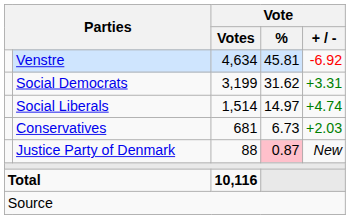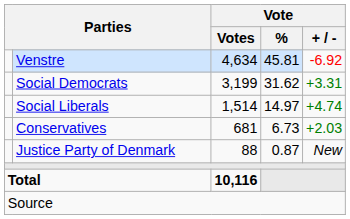 <table class="wikitable" style="text-align:right;">
 <tr>
 <th style="text-align:centre;" rowspan="2" colspan="2" width="225">Parties</th>
 <th colspan="3">Vote</th>
 </tr>
 <tr>
 <th width="15">Votes</th>
 <th width="15">%</th>
 <th width="15">+ / -</th>
 </tr>
 <tr>
 <td width="2" style="color:inherit;background:"></td>
 <td bgcolor=#cfe5fe  align="left"><a href='#'>Venstre</a></td>
 <td bgcolor=#cfe5fe>4,634</td>
 <td bgcolor=#cfe5fe>45.81</td>
 <td style=color:red;>-6.92</td>
 </tr>
 <tr>
 <td width="2" style="color:inherit;background:"></td>
 <td align="left"><a href='#'>Social Democrats</a></td>
 <td>3,199</td>
 <td>31.62</td>
 <td style=color:green;>+3.31</td>
 </tr>
 <tr>
 <td width="2" style="color:inherit;background:"></td>
 <td align="left"><a href='#'>Social Liberals</a></td>
 <td>1,514</td>
 <td>14.97</td>
 <td style=color:green;>+4.74</td>
 </tr>
 <tr>
 <td width="2" style="color:inherit;background:"></td>
 <td align="left"><a href='#'>Conservatives</a></td>
 <td>681</td>
 <td>6.73</td>
 <td style=color:green;>+2.03</td>
 </tr>
 <tr>
 <td width="2" style="color:inherit;background:"></td>
 <td align="left"><a href='#'>Justice Party of Denmark</a></td>
 <td>88</td>
-<td style="background: pink;">0.87</td>
+<td>0.87</td>
 <td><em>New</em></td>
 </tr>
 <tr>
 <td colspan="7" bgcolor="#E9E9E9"></td>
 </tr>
 <tr>
 <td align="left" colspan="2"><strong>Total</strong></td>
 <td><strong>10,116</strong></td>
 <td bgcolor="#E9E9E9" colspan="2"></td>
 </tr>
 <tr>
 <td align="left" colspan="6">Source</td>
 </tr>
 </table>
